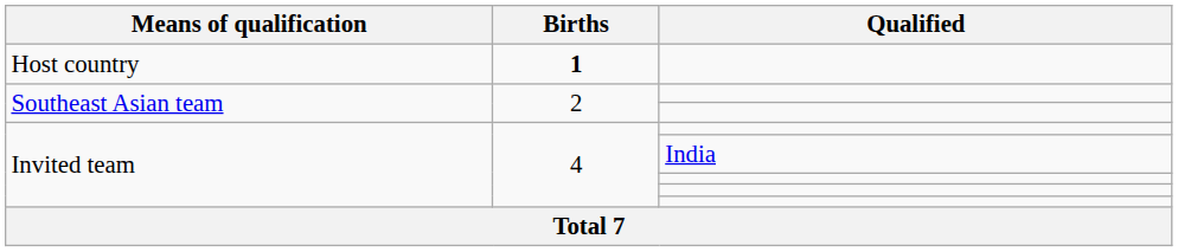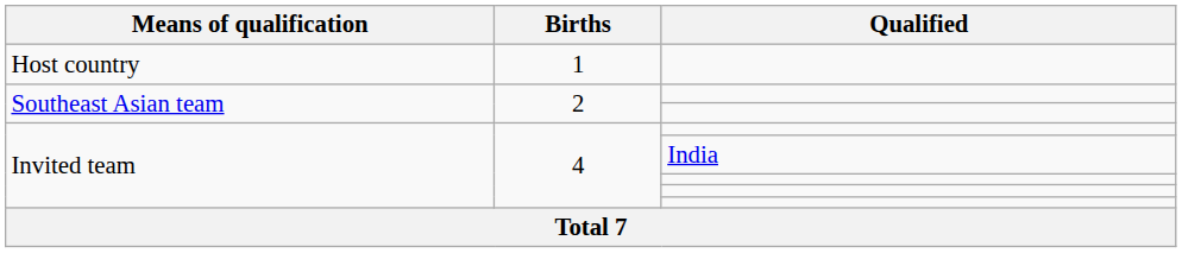 <table class="wikitable" style="margin:0; width:60%;">
 <tr>
 <th style="margin:0; width:38%;">Means of qualification</th>
 <th style="margin:0; width:13%;">Births</th>
 <th style="margin:0; width:40%;">Qualified</th>
 </tr>
 <tr>
 <td>Host country</td>
-<td align=center><strong>1</strong></td>
+<td align=center>1</td>
 <td></td>
 </tr>
 <tr>
 <td rowspan=2><a href='#'>Southeast Asian team</a></td>
 <td rowspan=2 align=center>2</td>
 <td></td>
 </tr>
 <tr>
 <td></td>
 </tr>
 <tr>
 <td rowspan=5>Invited team</td>
 <td rowspan=5 align=center>4</td>
 <td></td>
 </tr>
 <tr>
 <td> <a href='#'>India</a></td>
 </tr>
 <tr>
 <td></td>
 </tr>
 <tr>
 <td></td>
 </tr>
 <tr>
 <td><s></s></td>
 </tr>
 <tr>
 <th colspan=4>Total 7</th>
 </tr>
 </table>
